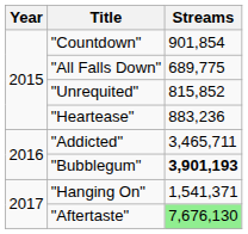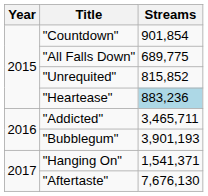 <table class="wikitable">
 <tr>
 <th>Year</th>
 <th>Title</th>
 <th>Streams</th>
 </tr>
 <tr>
 <td rowspan="4">2015</td>
 <td>"Countdown"</td>
 <td>901,854</td>
 </tr>
 <tr>
 <td>"All Falls Down"</td>
 <td>689,775</td>
 </tr>
 <tr>
 <td>"Unrequited"</td>
 <td>815,852</td>
 </tr>
 <tr>
 <td>"Heartease"</td>
-<td>883,236</td>
+<td style="background: lightblue;">883,236</td>
 </tr>
 <tr>
 <td rowspan="2">2016</td>
 <td>"Addicted"</td>
 <td>3,465,711</td>
 </tr>
 <tr>
 <td>"Bubblegum"</td>
-<td><strong>3,901,193</strong></td>
+<td>3,901,193</td>
 </tr>
 <tr>
 <td rowspan="2">2017</td>
 <td>"Hanging On"</td>
 <td>1,541,371</td>
 </tr>
 <tr>
 <td>"Aftertaste"</td>
-<td style="background: lightgreen;">7,676,130</td>
+<td>7,676,130</td>
 </tr>
 </table>
